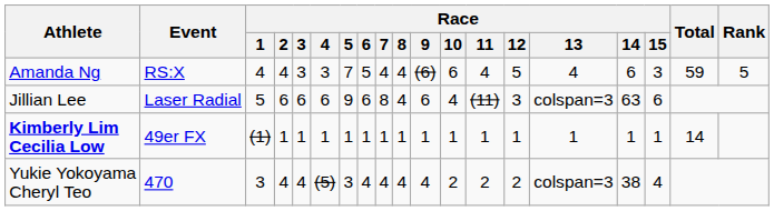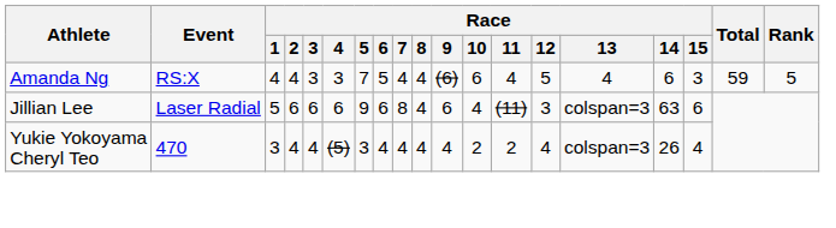 <table class=wikitable style=font-size:90%;text-align:center>
 <tr>
 <th rowspan="2">Athlete</th>
 <th rowspan="2">Event</th>
 <th colspan=15>Race</th>
 <th rowspan=2>Total</th>
 <th rowspan=2>Rank</th>
 </tr>
 <tr style="font-size:95%">
 <th>1</th>
 <th>2</th>
 <th>3</th>
 <th>4</th>
 <th>5</th>
 <th>6</th>
 <th>7</th>
 <th>8</th>
 <th>9</th>
 <th>10</th>
 <th>11</th>
 <th>12</th>
 <th>13</th>
 <th>14</th>
 <th>15</th>
 </tr>
 <tr>
 <td align=left><a href='#'>Amanda Ng</a></td>
 <td align=left><a href='#'>RS:X</a></td>
 <td>4</td>
 <td>4</td>
 <td>3</td>
 <td>3</td>
 <td>7</td>
 <td>5</td>
 <td>4</td>
 <td>4</td>
 <td><s>(6)</s></td>
 <td>6</td>
 <td>4</td>
 <td>5</td>
 <td>4</td>
 <td>6</td>
 <td>3</td>
 <td>59</td>
 <td>5</td>
 </tr>
 <tr>
 <td align=left>Jillian Lee</td>
 <td align=left><a href='#'>Laser Radial</a></td>
 <td>5</td>
 <td>6</td>
 <td>6</td>
 <td>6</td>
 <td>9</td>
 <td>6</td>
 <td>8</td>
 <td>4</td>
 <td>6</td>
 <td>4</td>
 <td><s>(11)</s><br></td>
 <td>3</td>
 <td>colspan=3 </td>
 <td>63</td>
 <td>6</td>
 </tr>
 <tr>
-<td align=left><strong><a href='#'>Kimberly Lim</a><br><a href='#'>Cecilia Low</a></strong></td>
-<td align=left><a href='#'>49er FX</a></td>
-<td><s>(1)</s></td>
-<td>1</td>
-<td>1</td>
-<td>1</td>
-<td>1</td>
-<td>1</td>
-<td>1</td>
-<td>1</td>
-<td>1</td>
-<td>1</td>
-<td>1</td>
-<td>1</td>
-<td>1</td>
-<td>1</td>
-<td>1</td>
-<td>14</td>
-<td></td>
-</tr>
-<tr>
 <td align=left>Yukie Yokoyama<br>Cheryl Teo</td>
 <td align=left><a href='#'>470</a></td>
 <td>3</td>
 <td>4</td>
 <td>4</td>
 <td><s>(5)</s></td>
 <td>3</td>
 <td>4</td>
 <td>4</td>
 <td>4</td>
 <td>4</td>
 <td>2</td>
 <td>2</td>
-<td>2</td>
+<td>4</td>
 <td>colspan=3 </td>
-<td>38</td>
+<td>26</td>
 <td>4</td>
 </tr>
 </table>
